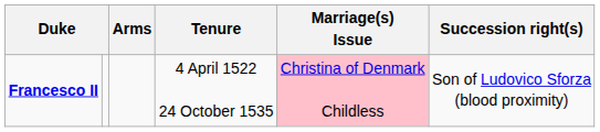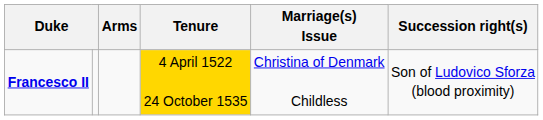 <table class="wikitable" style="line-height:1.4em; text-align:center">
 <tr>
 <th colspan=2>Duke</th>
 <th>Arms</th>
 <th>Tenure</th>
 <th>Marriage(s)<br>Issue</th>
 <th>Succession right(s)</th>
 </tr>
 <tr>
 <td><strong><a href='#'>Francesco II</a></strong><br></td>
 <td></td>
 <td></td>
-<td>4 April 1522<br><br>24 October 1535</td>
-<td style="background: pink;"><a href='#'>Christina of Denmark</a><br><br>Childless</td>
+<td style="background: gold;">4 April 1522<br><br>24 October 1535</td>
+<td><a href='#'>Christina of Denmark</a><br><br>Childless</td>
 <td>Son of <a href='#'>Ludovico Sforza</a><br>(blood proximity)</td>
 </tr>
 </table>
